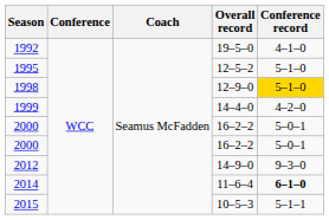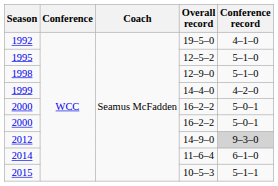 <table class="wikitable" style="text-align:center;">
 <tr>
 <th width=px>Season</th>
 <th width=px>Conference</th>
 <th width=px>Coach</th>
 <th width=px>Overall<br>record</th>
 <th width=px>Conference<br>record</th>
 </tr>
 <tr>
 <td><a href='#'>1992</a></td>
 <td rowspan="9"><a href='#'>WCC</a></td>
 <td rowspan="9">Seamus McFadden</td>
 <td>19–5–0</td>
 <td>4–1–0</td>
 </tr>
 <tr>
 <td><a href='#'>1995</a></td>
 <td>12–5–2</td>
 <td>5–1–0</td>
 </tr>
 <tr>
 <td><a href='#'>1998</a></td>
 <td>12–9–0</td>
-<td style="background: gold;">5–1–0</td>
+<td>5–1–0</td>
 </tr>
 <tr>
 <td><a href='#'>1999</a></td>
 <td>14–4–0</td>
 <td>4–2–0</td>
 </tr>
 <tr>
 <td><a href='#'>2000</a></td>
 <td>16–2–2</td>
 <td>5–0–1</td>
 </tr>
 <tr>
 <td><a href='#'>2000</a></td>
 <td>16–2–2</td>
 <td>5–0–1</td>
 </tr>
 <tr>
 <td><a href='#'>2012</a></td>
 <td>14–9–0</td>
-<td>9–3–0</td>
+<td style="background: lightgrey;">9–3–0</td>
 </tr>
 <tr>
 <td><a href='#'>2014</a></td>
 <td>11–6–4</td>
-<td><strong>6–1–0</strong></td>
+<td>6–1–0</td>
 </tr>
 <tr style="text-align:center;">
 <td><a href='#'>2015</a></td>
 <td>10–5–3</td>
 <td>5–1–1</td>
 </tr>
 </table>
